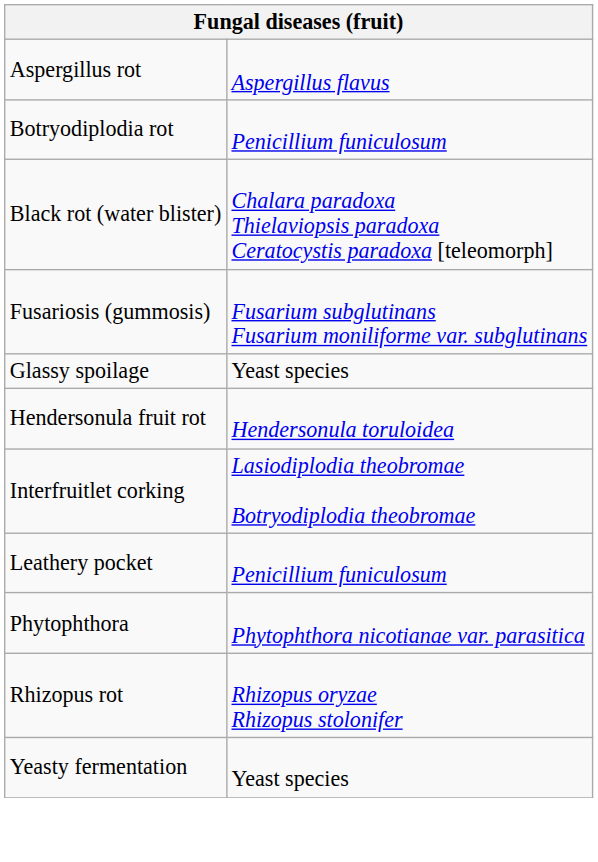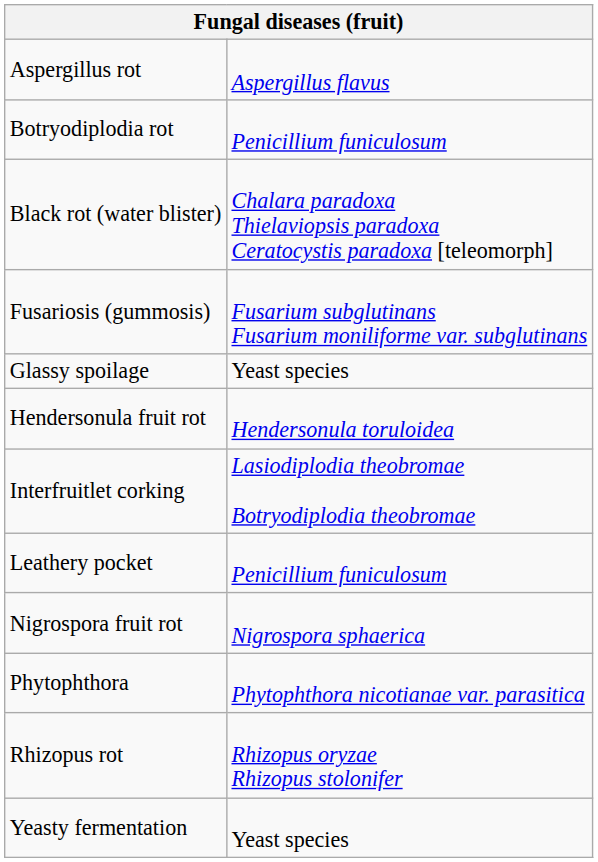 <table class="wikitable" style="clear">
 <tr>
 <th colspan=2><strong>Fungal diseases (fruit)</strong><br></th>
 </tr>
 <tr>
 <td>Aspergillus rot</td>
 <td><br><em><a href='#'>Aspergillus flavus</a></em></td>
 </tr>
 <tr>
 <td>Botryodiplodia rot</td>
 <td><br><em><a href='#'>Penicillium funiculosum</a></em></td>
 </tr>
 <tr>
 <td>Black rot (water blister)</td>
 <td><br><em><a href='#'>Chalara paradoxa</a></em> <br>  <em><a href='#'>Thielaviopsis paradoxa</a></em><br> <em><a href='#'>Ceratocystis paradoxa</a></em>  [teleomorph]</td>
 </tr>
 <tr>
 <td>Fusariosis (gummosis)</td>
 <td><br><em><a href='#'>Fusarium subglutinans</a></em> <br>  <em><a href='#'>Fusarium moniliforme var. subglutinans</a></em></td>
 </tr>
 <tr>
 <td>Glassy spoilage</td>
 <td>Yeast species</td>
 </tr>
 <tr>
 <td>Hendersonula fruit rot</td>
 <td><br><em><a href='#'>Hendersonula toruloidea</a></em></td>
 </tr>
 <tr>
 <td>Interfruitlet corking</td>
 <td><em><a href='#'>Lasiodiplodia theobromae</a></em> <br><br> <em><a href='#'>Botryodiplodia theobromae</a></em></td>
 </tr>
 <tr>
 <td>Leathery pocket</td>
 <td><br><em><a href='#'>Penicillium funiculosum</a></em></td>
 </tr>
 <tr>
+<td>Nigrospora fruit rot</td>
+<td><br><em><a href='#'>Nigrospora sphaerica</a></em></td>
+</tr>
+<tr>
 <td>Phytophthora</td>
 <td><br><em><a href='#'>Phytophthora nicotianae var. parasitica</a></em></td>
 </tr>
 <tr>
 <td>Rhizopus rot</td>
 <td><br><em><a href='#'>Rhizopus oryzae</a></em><br> <em><a href='#'>Rhizopus stolonifer</a></em></td>
 </tr>
 <tr>
 <td>Yeasty fermentation</td>
 <td><br>Yeast species</td>
 </tr>
 <tr>
 </tr>
 </table>
